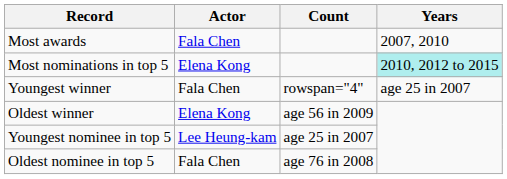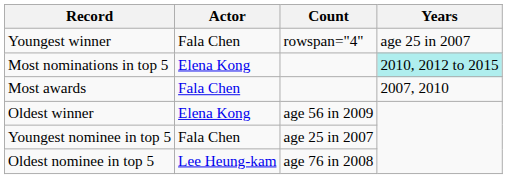 <table class="wikitable plainrowheaders sortable">
 <tr>
 <th scope="col" class="unsortable">Record</th>
 <th scope="col" class="unsortable">Actor</th>
 <th scope="col" class="unsortable">Count</th>
 <th scope="col" class="unsortable">Years</th>
 </tr>
 <tr>
-<td>Most awards</td>
-<td><a href='#'>Fala Chen</a></td>
-<td></td>
-<td>2007, 2010</td>
+<td>Youngest winner</td>
+<td>Fala Chen</td>
+<td>rowspan="4" </td>
+<td>age 25 in 2007</td>
 </tr>
 <tr>
 <td>Most nominations in top 5</td>
 <td><a href='#'>Elena Kong</a></td>
 <td></td>
 <td style="background: paleturquoise;">2010, 2012 to 2015</td>
 </tr>
 <tr>
-<td>Youngest winner</td>
-<td>Fala Chen</td>
-<td>rowspan="4" </td>
-<td>age 25 in 2007</td>
+<td>Most awards</td>
+<td><a href='#'>Fala Chen</a></td>
+<td></td>
+<td>2007, 2010</td>
 </tr>
 <tr>
 <td>Oldest winner</td>
 <td><a href='#'>Elena Kong</a></td>
 <td>age 56 in 2009</td>
 </tr>
 <tr>
 <td>Youngest nominee in top 5</td>
-<td><a href='#'>Lee Heung-kam</a></td>
+<td>Fala Chen</td>
 <td>age 25 in 2007</td>
 </tr>
 <tr>
 <td>Oldest nominee in top 5</td>
-<td>Fala Chen</td>
+<td><a href='#'>Lee Heung-kam</a></td>
 <td>age 76 in 2008</td>
 </tr>
 </table>
